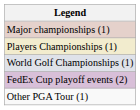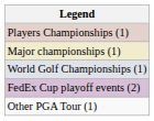 <table class="wikitable" style="font-size:95%;">
 <tr>
 <th>Legend</th>
 </tr>
 <tr style="background:#e5d1cb;">
-<td>Major championships (1)</td>
+<td>Players Championships (1)</td>
 </tr>
 <tr style="background:#f2ecce;">
-<td>Players Championships (1)</td>
+<td>Major championships (1)</td>
 </tr>
 <tr style="background:#dfe2e9;">
 <td>World Golf Championships (1)</td>
 </tr>
 <tr style="background:thistle;">
 <td>FedEx Cup playoff events (2)</td>
 </tr>
 <tr>
 <td>Other PGA Tour (1)</td>
 </tr>
 </table>
